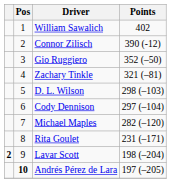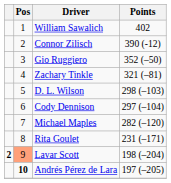 <table class="wikitable" style="font-size: 95%;">
 <tr>
 <th></th>
 <th>Pos</th>
 <th>Driver</th>
 <th>Points</th>
 </tr>
 <tr>
 <td align="left"></td>
 <td style="text-align:center;">1</td>
 <td><a href='#'>William Sawalich</a></td>
 <td style="text-align:center;">402</td>
 </tr>
 <tr>
 <td align="left"></td>
 <td style="text-align:center;">2</td>
 <td><a href='#'>Connor Zilisch</a></td>
 <td style="text-align:center;">390 (-12)</td>
 </tr>
 <tr>
 <td align="left"></td>
 <td style="text-align:center;">3</td>
 <td><a href='#'>Gio Ruggiero</a></td>
 <td style="text-align:center;">352 (–50)</td>
 </tr>
 <tr>
 <td align="left"></td>
 <td style="text-align:center;">4</td>
 <td><a href='#'>Zachary Tinkle</a></td>
 <td style="text-align:center;">321 (–81)</td>
 </tr>
 <tr>
 <td align="left"></td>
 <td style="text-align:center;">5</td>
 <td><a href='#'>D. L. Wilson</a></td>
 <td style="text-align:center;">298 (–103)</td>
 </tr>
 <tr>
 <td align="left"></td>
 <td style="text-align:center;">6</td>
 <td><a href='#'>Cody Dennison</a></td>
 <td style="text-align:center;">297 (–104)</td>
 </tr>
 <tr>
 <td align="left"></td>
 <td style="text-align:center;">7</td>
 <td><a href='#'>Michael Maples</a></td>
 <td style="text-align:center;">282 (–120)</td>
 </tr>
 <tr>
 <td align="left"></td>
 <td style="text-align:center;">8</td>
 <td><a href='#'>Rita Goulet</a></td>
 <td style="text-align:center;">231 (–171)</td>
 </tr>
 <tr>
 <td align="left"> <strong>2</strong></td>
-<td style="text-align:center;">9</td>
+<td style="background: lightsalmon; text-align:center;">9</td>
 <td><a href='#'>Lavar Scott</a></td>
 <td style="text-align:center;">198 (–204)</td>
 </tr>
 <tr>
 <td align="left"></td>
 <td style="text-align:center;"><strong>10</strong></td>
 <td><a href='#'>Andrés Pérez de Lara</a></td>
 <td style="text-align:center;">197 (–205)</td>
 </tr>
 <tr class="sortbottom">
 </tr>
 </table>
